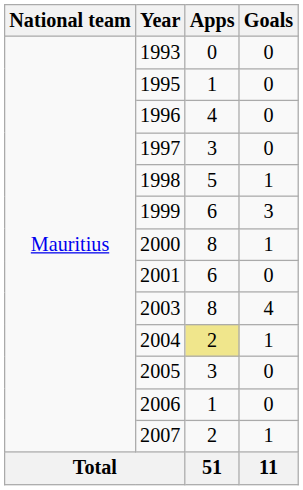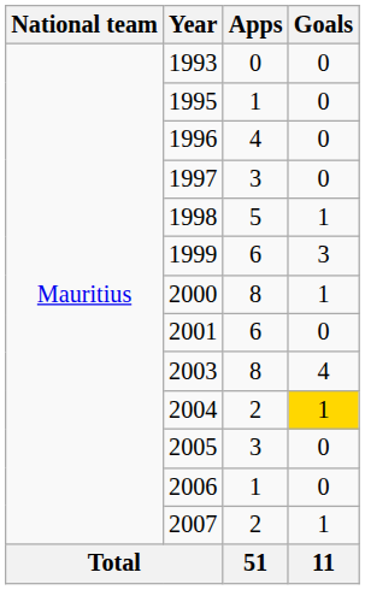 <table class="wikitable" style="text-align:center">
 <tr>
 <th>National team</th>
 <th>Year</th>
 <th>Apps</th>
 <th>Goals</th>
 </tr>
 <tr>
 <td rowspan="13"><a href='#'>Mauritius</a></td>
 <td>1993</td>
 <td>0</td>
 <td>0</td>
 </tr>
 <tr>
 <td>1995</td>
 <td>1</td>
 <td>0</td>
 </tr>
 <tr>
 <td>1996</td>
 <td>4</td>
 <td>0</td>
 </tr>
 <tr>
 <td>1997</td>
 <td>3</td>
 <td>0</td>
 </tr>
 <tr>
 <td>1998</td>
 <td>5</td>
 <td>1</td>
 </tr>
 <tr>
 <td>1999</td>
 <td>6</td>
 <td>3</td>
 </tr>
 <tr>
 <td>2000</td>
 <td>8</td>
 <td>1</td>
 </tr>
 <tr>
 <td>2001</td>
 <td>6</td>
 <td>0</td>
 </tr>
 <tr>
 <td>2003</td>
 <td>8</td>
 <td>4</td>
 </tr>
 <tr>
 <td>2004</td>
-<td style="background: khaki;">2</td>
-<td>1</td>
+<td>2</td>
+<td style="background: gold;">1</td>
 </tr>
 <tr>
 <td>2005</td>
 <td>3</td>
 <td>0</td>
 </tr>
 <tr>
 <td>2006</td>
 <td>1</td>
 <td>0</td>
 </tr>
 <tr>
 <td>2007</td>
 <td>2</td>
 <td>1</td>
 </tr>
 <tr>
 <th colspan="2">Total</th>
 <th>51</th>
 <th>11</th>
 </tr>
 </table>
